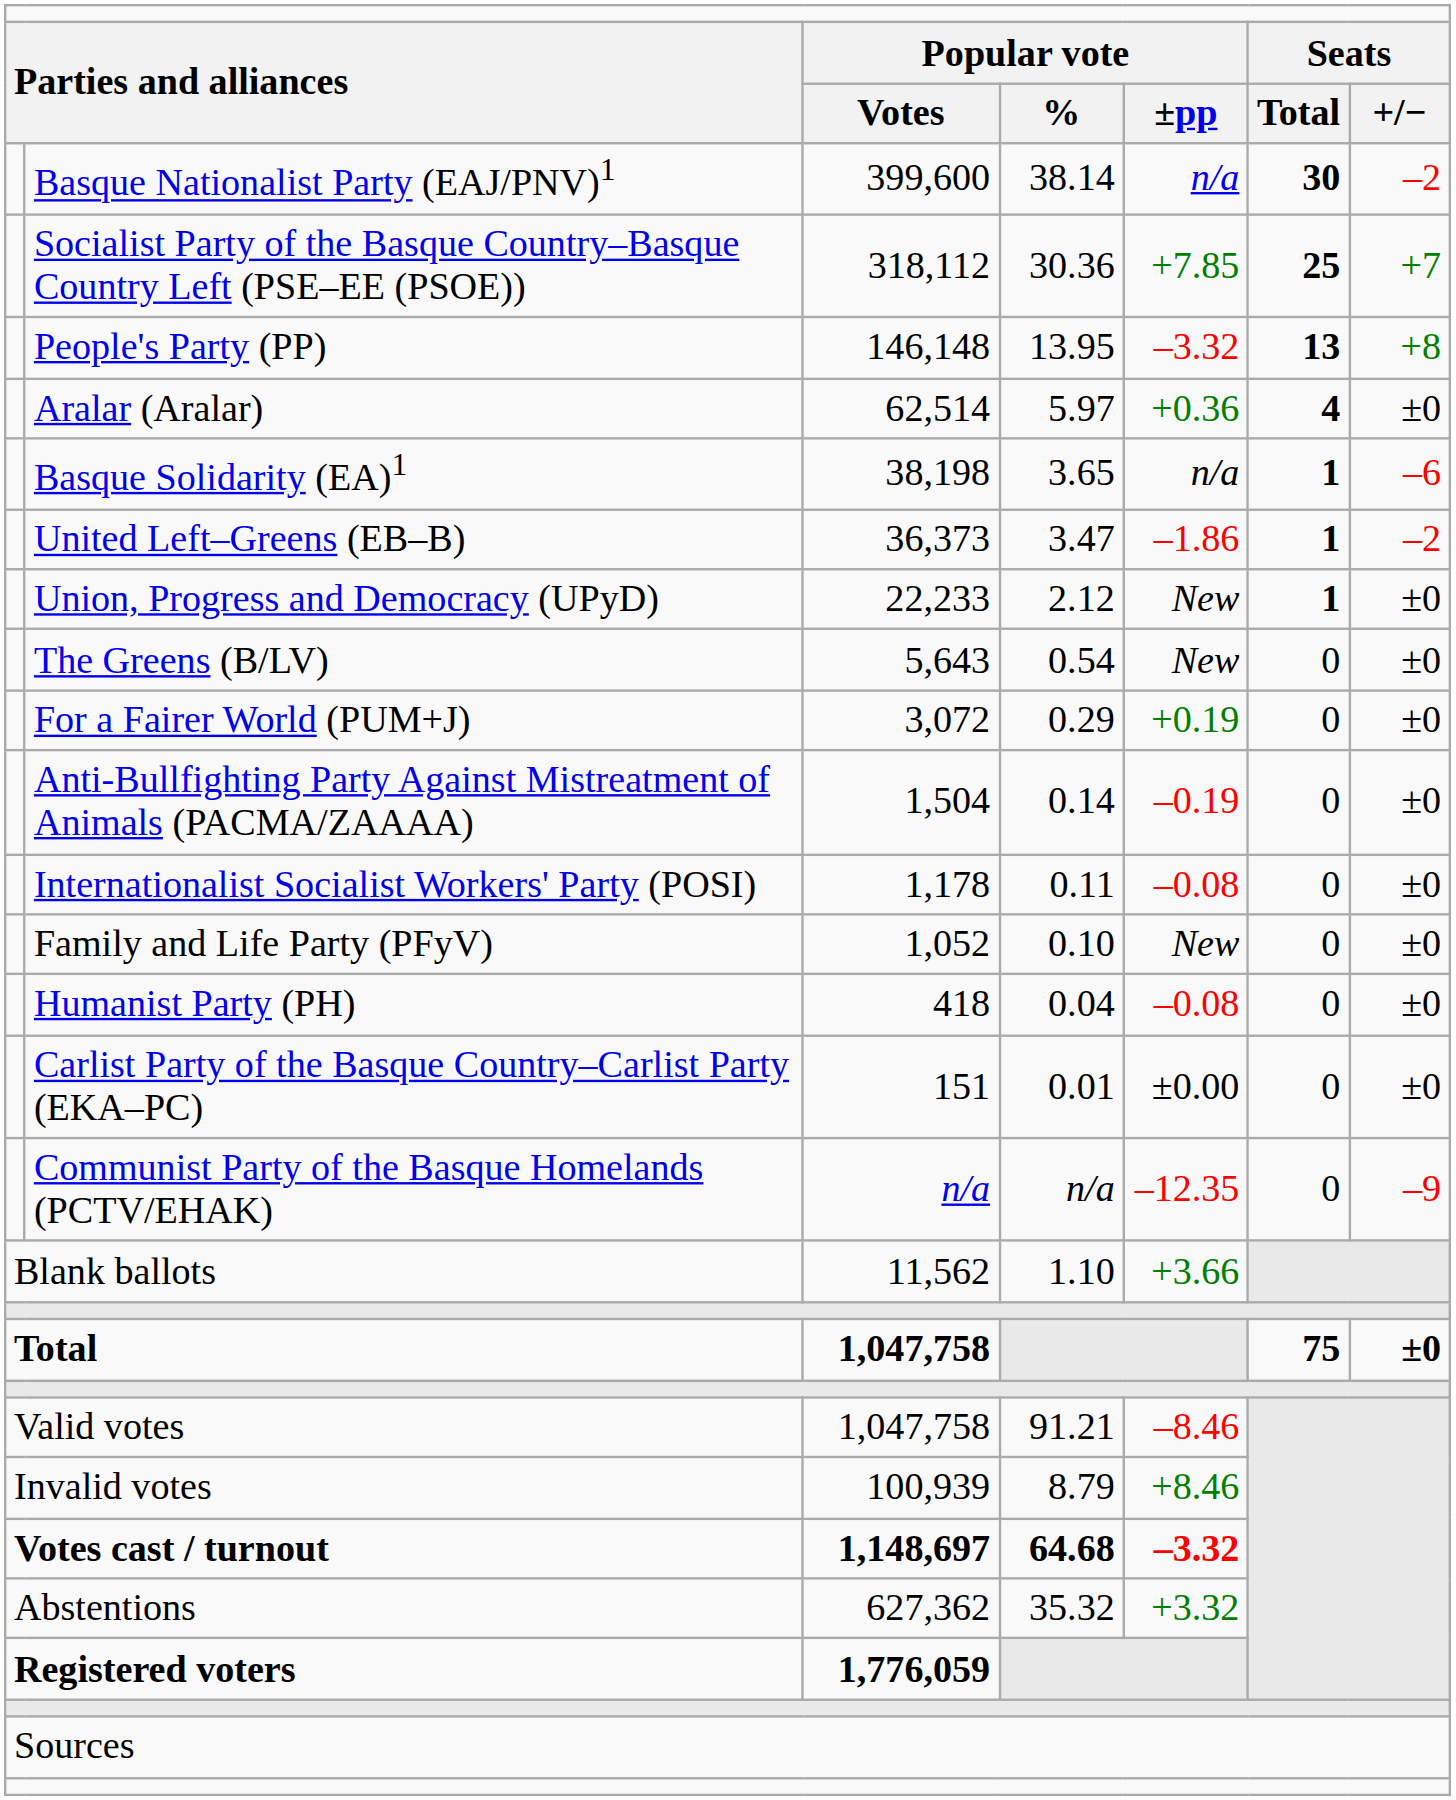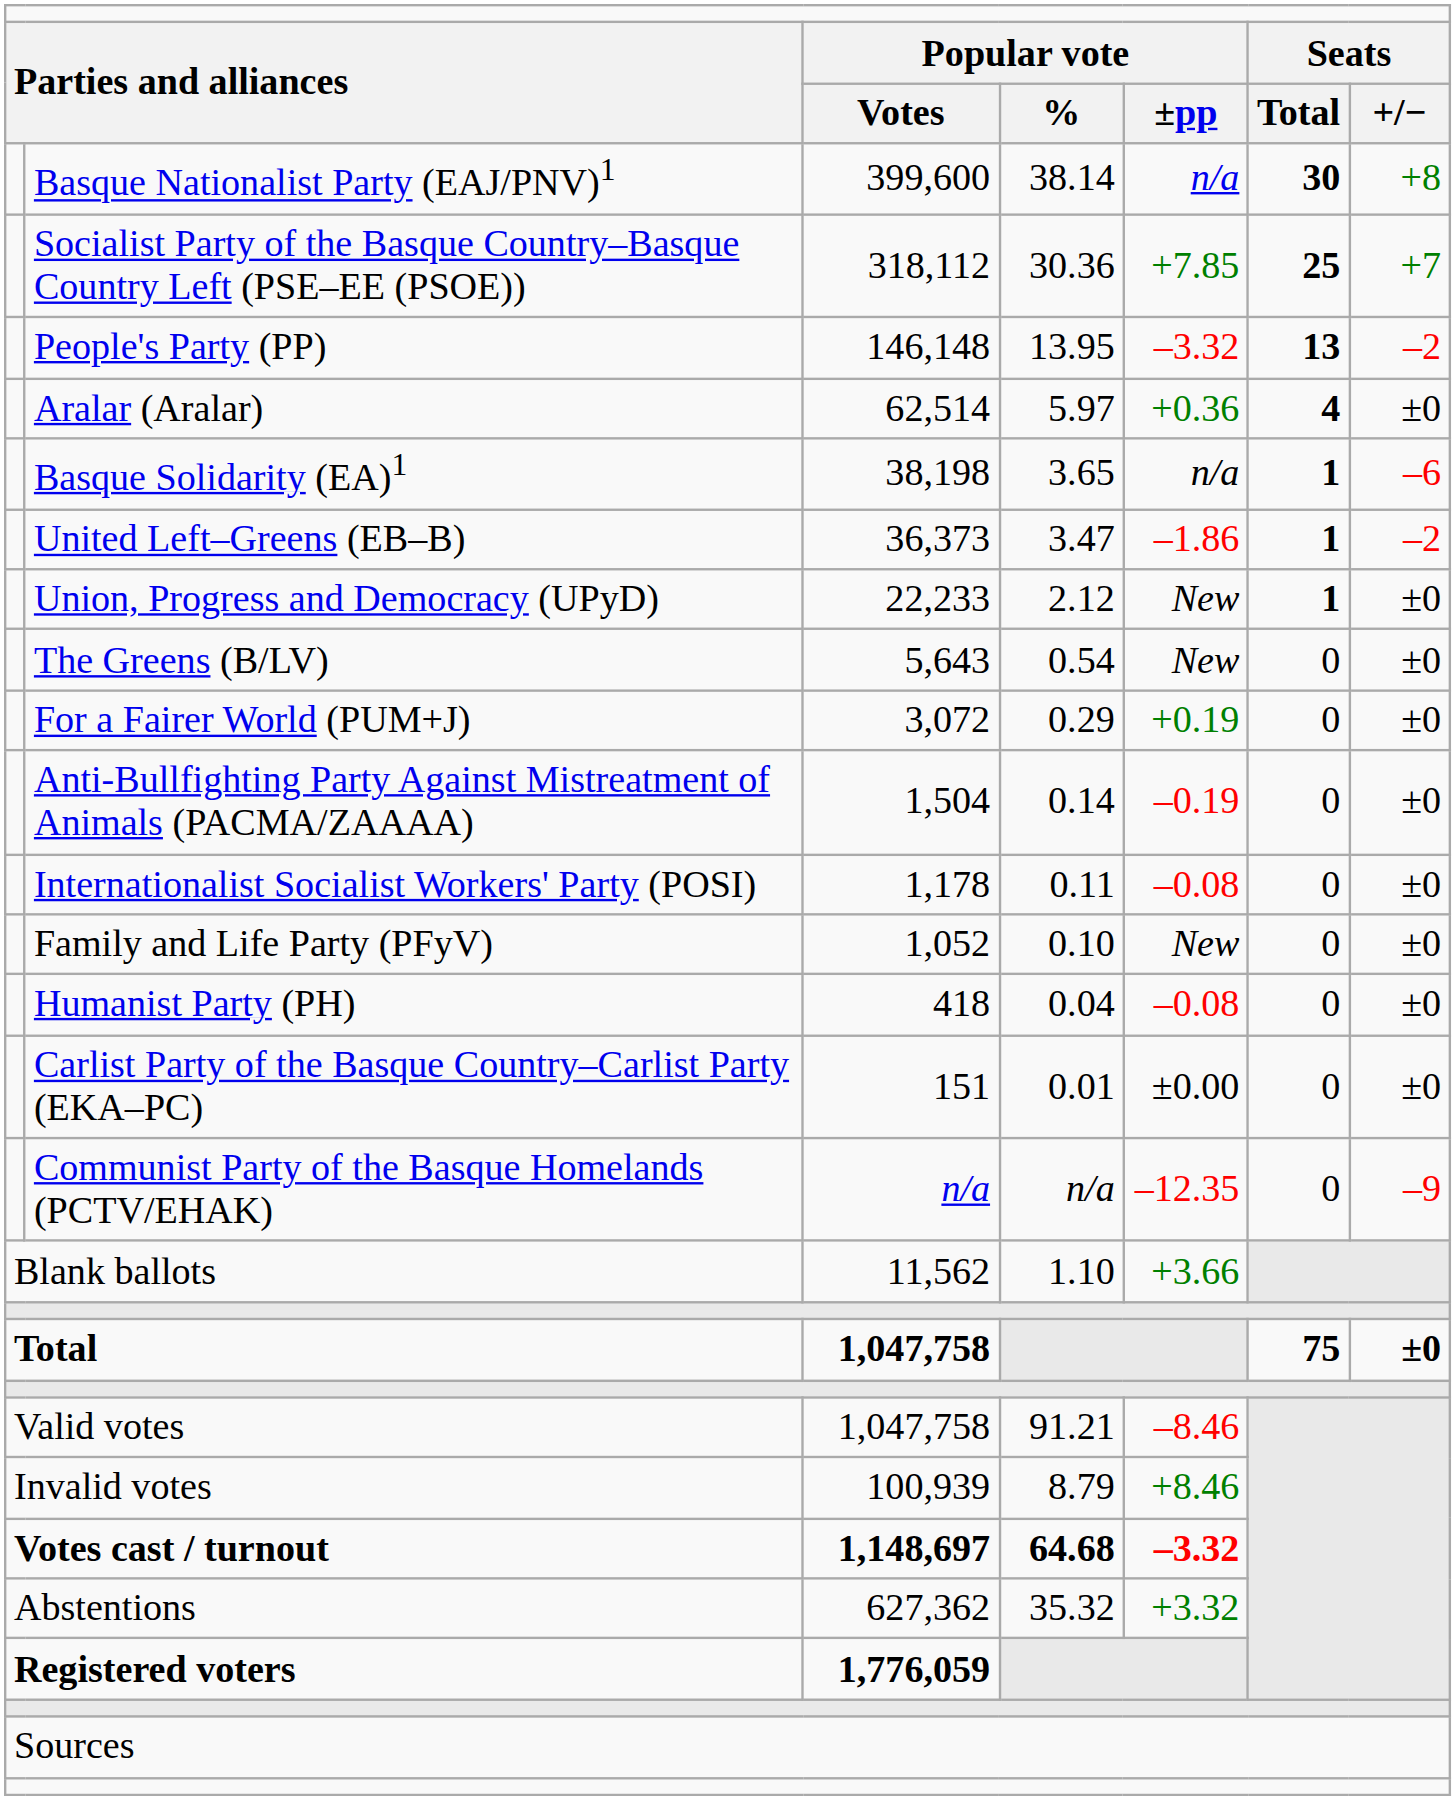 <table class="wikitable" style="text-align:right;">
 <tr>
 <td colspan="7"></td>
 </tr>
 <tr>
 <th style="text-align:left;" rowspan="2" colspan="2" width="525">Parties and alliances</th>
 <th colspan="3">Popular vote</th>
 <th colspan="2">Seats</th>
 </tr>
 <tr>
 <th width="75">Votes</th>
 <th width="45">%</th>
 <th width="45">±<a href='#'>pp</a></th>
 <th width="35">Total</th>
 <th width="35">+/−</th>
 </tr>
 <tr>
 <td width="1" style="color:inherit;background:"></td>
 <td align="left"><a href='#'>Basque Nationalist Party</a> (EAJ/PNV)<sup>1</sup></td>
 <td>399,600</td>
 <td>38.14</td>
 <td><em><a href='#'>n/a</a></em></td>
 <td><strong>30</strong></td>
-<td style="color:red;">–2</td>
+<td style="color:green;">+8</td>
 </tr>
 <tr>
 <td style="color:inherit;background:"></td>
 <td align="left"><a href='#'>Socialist Party of the Basque Country–Basque Country Left</a> (PSE–EE (PSOE))</td>
 <td>318,112</td>
 <td>30.36</td>
 <td style="color:green;">+7.85</td>
 <td><strong>25</strong></td>
 <td style="color:green;">+7</td>
 </tr>
 <tr>
 <td style="color:inherit;background:"></td>
 <td align="left"><a href='#'>People's Party</a> (PP)</td>
 <td>146,148</td>
 <td>13.95</td>
 <td style="color:red;">–3.32</td>
 <td><strong>13</strong></td>
-<td style="color:green;">+8</td>
+<td style="color:red;">–2</td>
 </tr>
 <tr>
 <td style="color:inherit;background:"></td>
 <td align="left"><a href='#'>Aralar</a> (Aralar)</td>
 <td>62,514</td>
 <td>5.97</td>
 <td style="color:green;">+0.36</td>
 <td><strong>4</strong></td>
 <td>±0</td>
 </tr>
 <tr>
 <td style="color:inherit;background:"></td>
 <td align="left"><a href='#'>Basque Solidarity</a> (EA)<sup>1</sup></td>
 <td>38,198</td>
 <td>3.65</td>
 <td><em>n/a</em></td>
 <td><strong>1</strong></td>
 <td style="color:red;">–6</td>
 </tr>
 <tr>
 <td style="color:inherit;background:"></td>
 <td align="left"><a href='#'>United Left–Greens</a> (EB–B)</td>
 <td>36,373</td>
 <td>3.47</td>
 <td style="color:red;">–1.86</td>
 <td><strong>1</strong></td>
 <td style="color:red;">–2</td>
 </tr>
 <tr>
 <td style="color:inherit;background:"></td>
 <td align="left"><a href='#'>Union, Progress and Democracy</a> (UPyD)</td>
 <td>22,233</td>
 <td>2.12</td>
 <td><em>New</em></td>
 <td><strong>1</strong></td>
 <td>±0</td>
 </tr>
 <tr>
 <td style="color:inherit;background:"></td>
 <td align="left"><a href='#'>The Greens</a> (B/LV)</td>
 <td>5,643</td>
 <td>0.54</td>
 <td><em>New</em></td>
 <td>0</td>
 <td>±0</td>
 </tr>
 <tr>
 <td style="color:inherit;background:"></td>
 <td align="left"><a href='#'>For a Fairer World</a> (PUM+J)</td>
 <td>3,072</td>
 <td>0.29</td>
 <td style="color:green;">+0.19</td>
 <td>0</td>
 <td>±0</td>
 </tr>
 <tr>
 <td style="color:inherit;background:"></td>
 <td align="left"><a href='#'>Anti-Bullfighting Party Against Mistreatment of Animals</a> (PACMA/ZAAAA)</td>
 <td>1,504</td>
 <td>0.14</td>
 <td style="color:red;">–0.19</td>
 <td>0</td>
 <td>±0</td>
 </tr>
 <tr>
 <td style="color:inherit;background:"></td>
 <td align="left"><a href='#'>Internationalist Socialist Workers' Party</a> (POSI)</td>
 <td>1,178</td>
 <td>0.11</td>
 <td style="color:red;">–0.08</td>
 <td>0</td>
 <td>±0</td>
 </tr>
 <tr>
 <td style="color:inherit;background:"></td>
 <td align="left">Family and Life Party (PFyV)</td>
 <td>1,052</td>
 <td>0.10</td>
 <td><em>New</em></td>
 <td>0</td>
 <td>±0</td>
 </tr>
 <tr>
 <td style="color:inherit;background:"></td>
 <td align="left"><a href='#'>Humanist Party</a> (PH)</td>
 <td>418</td>
 <td>0.04</td>
 <td style="color:red;">–0.08</td>
 <td>0</td>
 <td>±0</td>
 </tr>
 <tr>
 <td style="color:inherit;background:"></td>
 <td align="left"><a href='#'>Carlist Party of the Basque Country–Carlist Party</a> (EKA–PC)</td>
 <td>151</td>
 <td>0.01</td>
 <td>±0.00</td>
 <td>0</td>
 <td>±0</td>
 </tr>
 <tr>
 <td style="color:inherit;background:"></td>
 <td align="left"><a href='#'>Communist Party of the Basque Homelands</a> (PCTV/EHAK)</td>
 <td><em><a href='#'>n/a</a></em></td>
 <td><em>n/a</em></td>
 <td style="color:red;">–12.35</td>
 <td>0</td>
 <td style="color:red;">–9</td>
 </tr>
 <tr>
 <td align="left" colspan="2">Blank ballots</td>
 <td>11,562</td>
 <td>1.10</td>
 <td style="color:green;">+3.66</td>
 <td bgcolor="#E9E9E9" colspan="2"></td>
 </tr>
 <tr>
 <td colspan="7" bgcolor="#E9E9E9"></td>
 </tr>
 <tr style="font-weight:bold;">
 <td align="left" colspan="2">Total</td>
 <td>1,047,758</td>
 <td bgcolor="#E9E9E9" colspan="2"></td>
 <td>75</td>
 <td>±0</td>
 </tr>
 <tr>
 <td colspan="7" bgcolor="#E9E9E9"></td>
 </tr>
 <tr>
 <td align="left" colspan="2">Valid votes</td>
 <td>1,047,758</td>
 <td>91.21</td>
 <td style="color:red;">–8.46</td>
 <td bgcolor="#E9E9E9" colspan="2" rowspan="5"></td>
 </tr>
 <tr>
 <td align="left" colspan="2">Invalid votes</td>
 <td>100,939</td>
 <td>8.79</td>
 <td style="color:green;">+8.46</td>
 </tr>
 <tr style="font-weight:bold;">
 <td align="left" colspan="2">Votes cast / turnout</td>
 <td>1,148,697</td>
 <td>64.68</td>
 <td style="color:red;">–3.32</td>
 </tr>
 <tr>
 <td align="left" colspan="2">Abstentions</td>
 <td>627,362</td>
 <td>35.32</td>
 <td style="color:green;">+3.32</td>
 </tr>
 <tr style="font-weight:bold;">
 <td align="left" colspan="2">Registered voters</td>
 <td>1,776,059</td>
 <td bgcolor="#E9E9E9" colspan="2"></td>
 </tr>
 <tr>
 <td colspan="7" bgcolor="#E9E9E9"></td>
 </tr>
 <tr>
 <td align="left" colspan="7">Sources</td>
 </tr>
 <tr>
 <td colspan="7" style="text-align:left; max-width:790px;"></td>
 </tr>
 </table>
